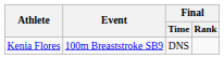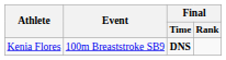 <table class=wikitable style="font-size:90%">
 <tr>
 <th rowspan="2">Athlete</th>
 <th rowspan="2">Event</th>
 <th colspan="2">Final</th>
 </tr>
 <tr style="font-size:95%">
 <th>Time</th>
 <th>Rank</th>
 </tr>
 <tr align=center>
 <td align=left><a href='#'>Kenia Flores</a></td>
 <td align=left><a href='#'>100m Breaststroke SB9</a></td>
-<td>DNS</td>
+<td><strong>DNS</strong></td>
 <td></td>
 </tr>
 </table>
